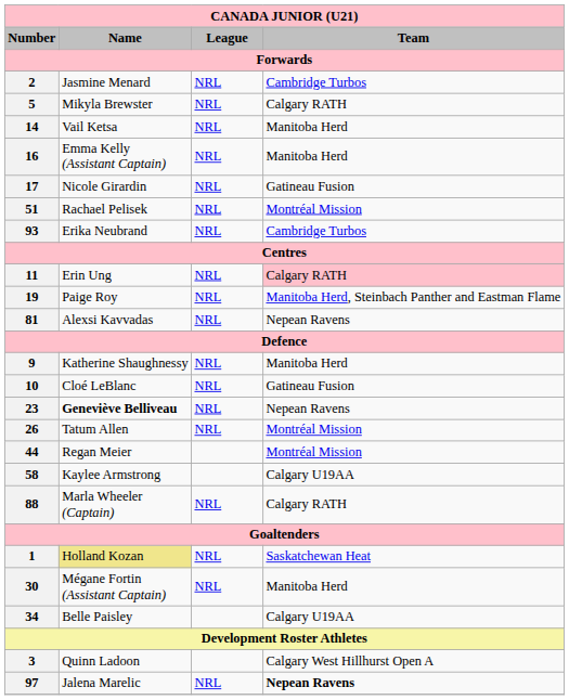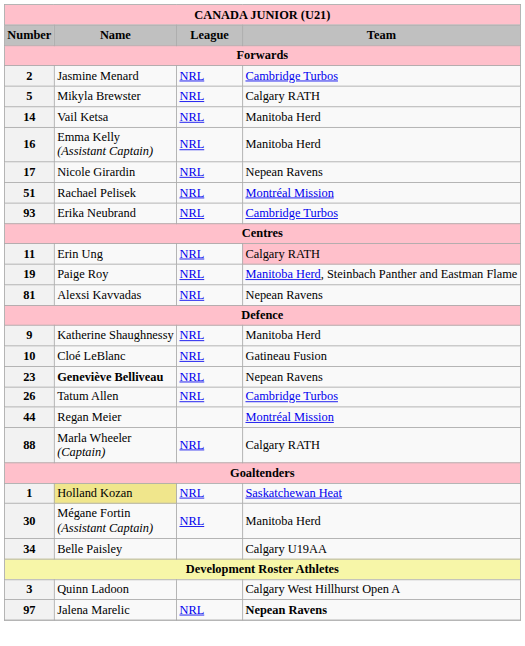 <table class="wikitable" style="text-align:left; font-size:90%;">
 <tr>
 <th style=background:pink colspan=4>CANADA JUNIOR (U21)</th>
 </tr>
 <tr>
 <th width=10 style="background:silver;">Number</th>
 <th style="background:silver;">Name</th>
 <th width=70 style="background:silver;">League</th>
 <th style="background:silver;">Team</th>
 </tr>
 <tr>
 <th style=background:pink colspan=4>Forwards</th>
 </tr>
 <tr>
 <th>2</th>
 <td>Jasmine Menard</td>
 <td> <a href='#'>NRL</a></td>
 <td><a href='#'>Cambridge Turbos</a></td>
 </tr>
 <tr>
 <th>5</th>
 <td>Mikyla Brewster</td>
 <td> <a href='#'>NRL</a></td>
 <td>Calgary RATH</td>
 </tr>
 <tr>
 <th>14</th>
 <td>Vail Ketsa</td>
 <td> <a href='#'>NRL</a></td>
 <td>Manitoba Herd</td>
 </tr>
 <tr>
 <th>16</th>
 <td>Emma Kelly<br><em>(Assistant Captain)</em></td>
 <td> <a href='#'>NRL</a></td>
 <td>Manitoba Herd</td>
 </tr>
 <tr>
 <th>17</th>
 <td>Nicole Girardin</td>
 <td> <a href='#'>NRL</a></td>
-<td>Gatineau Fusion</td>
+<td>Nepean Ravens</td>
 </tr>
 <tr>
 <th>51</th>
 <td>Rachael Pelisek</td>
 <td> <a href='#'>NRL</a></td>
 <td><a href='#'>Montréal Mission</a></td>
 </tr>
 <tr>
 <th>93</th>
 <td>Erika Neubrand</td>
 <td> <a href='#'>NRL</a></td>
 <td><a href='#'>Cambridge Turbos</a></td>
 </tr>
 <tr>
 <th style=background:pink colspan=4>Centres</th>
 </tr>
 <tr>
 <th>11</th>
 <td>Erin Ung</td>
 <td> <a href='#'>NRL</a></td>
 <td style="background: pink;">Calgary RATH</td>
 </tr>
 <tr>
 <th>19</th>
 <td>Paige Roy</td>
 <td> <a href='#'>NRL</a></td>
 <td><a href='#'>Manitoba Herd</a>, Steinbach Panther and Eastman Flame</td>
 </tr>
 <tr>
 <th>81</th>
 <td>Alexsi Kavvadas</td>
 <td> <a href='#'>NRL</a></td>
 <td>Nepean Ravens</td>
 </tr>
 <tr>
 <th style=background:pink colspan=4>Defence</th>
 </tr>
 <tr>
 <th>9</th>
 <td>Katherine Shaughnessy</td>
 <td> <a href='#'>NRL</a></td>
 <td>Manitoba Herd</td>
 </tr>
 <tr>
 <th>10</th>
 <td>Cloé LeBlanc</td>
 <td> <a href='#'>NRL</a></td>
 <td>Gatineau Fusion</td>
 </tr>
 <tr>
 <th>23</th>
 <td><strong>Geneviève Belliveau</strong></td>
 <td> <a href='#'>NRL</a></td>
 <td>Nepean Ravens</td>
 </tr>
 <tr>
 <th>26</th>
 <td>Tatum Allen</td>
 <td> <a href='#'>NRL</a></td>
-<td><a href='#'>Montréal Mission</a></td>
+<td><a href='#'>Cambridge Turbos</a></td>
 </tr>
 <tr>
 <th>44</th>
 <td>Regan Meier</td>
 <td></td>
 <td><a href='#'>Montréal Mission</a></td>
-</tr>
-<tr>
-<th>58</th>
-<td>Kaylee Armstrong</td>
-<td></td>
-<td>Calgary U19AA</td>
 </tr>
 <tr>
 <th>88</th>
 <td>Marla Wheeler<br><em>(Captain)</em></td>
 <td> <a href='#'>NRL</a></td>
 <td>Calgary RATH</td>
 </tr>
 <tr>
 <th style=background:pink colspan=4>Goaltenders</th>
 </tr>
 <tr>
 <th>1</th>
 <td style="background: khaki;">Holland Kozan</td>
 <td> <a href='#'>NRL</a></td>
 <td><a href='#'>Saskatchewan Heat</a></td>
 </tr>
 <tr>
 <th>30</th>
 <td>Mégane Fortin<br><em>(Assistant Captain)</em></td>
 <td> <a href='#'>NRL</a></td>
 <td>Manitoba Herd</td>
 </tr>
 <tr>
 <th>34</th>
 <td>Belle Paisley</td>
 <td></td>
 <td>Calgary U19AA</td>
 </tr>
 <tr>
 <th style=background:#f7f6a8 colspan=4>Development Roster Athletes</th>
 </tr>
 <tr>
 <th>3</th>
 <td>Quinn Ladoon</td>
 <td></td>
 <td>Calgary West Hillhurst Open A</td>
 </tr>
 <tr>
 <th>97</th>
 <td>Jalena Marelic</td>
 <td> <a href='#'>NRL</a></td>
 <td><strong>Nepean Ravens</strong></td>
 </tr>
 <tr>
 </tr>
 </table>
